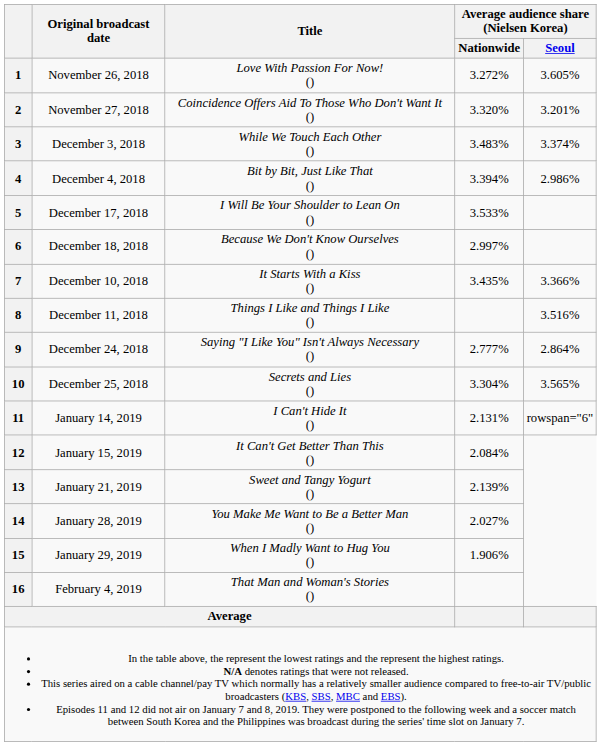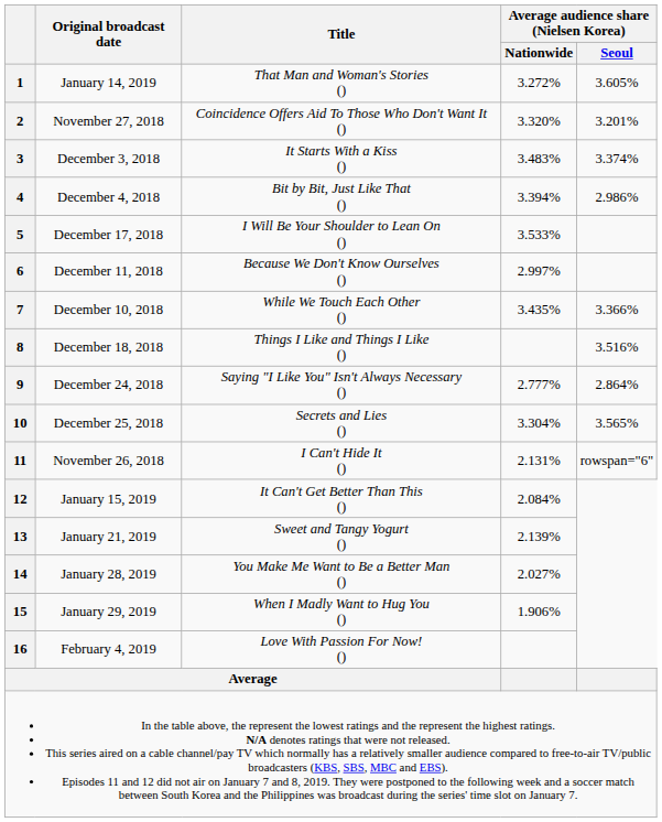 <table class="wikitable" style="text-align:center;max-width:750px; margin-left: auto; margin-right: auto; border: none;">
 <tr>
 </tr>
 <tr>
 <th rowspan="2"></th>
 <th rowspan="2">Original broadcast<br>date</th>
 <th rowspan="2">Title</th>
 <th colspan="2">Average audience share<br>(Nielsen Korea)</th>
 </tr>
 <tr>
 <th width="80">Nationwide</th>
 <th width="80"><a href='#'>Seoul</a></th>
 </tr>
 <tr>
 <th>1</th>
-<td>November 26, 2018</td>
-<td><em>Love With Passion For Now!</em><br>()</td>
+<td>January 14, 2019</td>
+<td><em>That Man and Woman's Stories</em><br>()</td>
 <td>3.272%</td>
 <td>3.605%</td>
 </tr>
 <tr>
 <th>2</th>
 <td>November 27, 2018</td>
 <td><em>Coincidence Offers Aid To Those Who Don't Want It</em><br>()</td>
 <td>3.320%</td>
 <td>3.201%</td>
 </tr>
 <tr>
 <th>3</th>
 <td>December 3, 2018</td>
-<td><em>While We Touch Each Other</em><br>()</td>
+<td><em>It Starts With a Kiss</em><br>()</td>
 <td>3.483%</td>
 <td>3.374%</td>
 </tr>
 <tr>
 <th>4</th>
 <td>December 4, 2018</td>
 <td><em>Bit by Bit, Just Like That</em><br>()</td>
 <td>3.394%</td>
 <td>2.986%</td>
 </tr>
 <tr>
 <th>5</th>
 <td>December 17, 2018</td>
 <td><em>I Will Be Your Shoulder to Lean On</em><br>()</td>
 <td>3.533%</td>
 <td></td>
 </tr>
 <tr>
 <th>6</th>
-<td>December 18, 2018</td>
+<td>December 11, 2018</td>
 <td><em>Because We Don't Know Ourselves</em><br>()</td>
 <td>2.997%</td>
 <td></td>
 </tr>
 <tr>
 <th>7</th>
 <td>December 10, 2018</td>
-<td><em>It Starts With a Kiss</em><br>()</td>
+<td><em>While We Touch Each Other</em><br>()</td>
 <td>3.435%</td>
 <td>3.366%</td>
 </tr>
 <tr>
 <th>8</th>
-<td>December 11, 2018</td>
+<td>December 18, 2018</td>
 <td><em>Things I Like and Things I Like</em><br>()</td>
 <td></td>
 <td>3.516%</td>
 </tr>
 <tr>
 <th>9</th>
 <td>December 24, 2018</td>
 <td><em>Saying "I Like You" Isn't Always Necessary</em><br>()</td>
 <td>2.777%</td>
 <td>2.864%</td>
 </tr>
 <tr>
 <th>10</th>
 <td>December 25, 2018</td>
 <td><em>Secrets and Lies</em><br>()</td>
 <td>3.304%</td>
 <td>3.565%</td>
 </tr>
 <tr>
 <th>11</th>
-<td>January 14, 2019</td>
+<td>November 26, 2018</td>
 <td><em>I Can't Hide It</em><br>()</td>
 <td>2.131%</td>
 <td>rowspan="6" </td>
 </tr>
 <tr>
 <th>12</th>
 <td>January 15, 2019</td>
 <td><em>It Can't Get Better Than This</em><br>()</td>
 <td>2.084%</td>
 </tr>
 <tr>
 <th>13</th>
 <td>January 21, 2019</td>
 <td><em>Sweet and Tangy Yogurt</em><br>()</td>
 <td>2.139%</td>
 </tr>
 <tr>
 <th>14</th>
 <td>January 28, 2019</td>
 <td><em>You Make Me Want to Be a Better Man</em><br>()</td>
 <td>2.027%</td>
 </tr>
 <tr>
 <th>15</th>
 <td>January 29, 2019</td>
 <td><em>When I Madly Want to Hug You</em><br>()</td>
 <td>1.906%</td>
 </tr>
 <tr>
 <th>16</th>
 <td>February 4, 2019</td>
-<td><em>That Man and Woman's Stories</em><br>()</td>
+<td><em>Love With Passion For Now!</em><br>()</td>
 <td></td>
 </tr>
 <tr>
 <th colspan="3">Average</th>
 <th></th>
 <th></th>
 </tr>
 <tr>
 <td colspan="5" style="font-size:85%"><br><ul><li>In the table above, the <strong></strong> represent the lowest ratings and the <strong></strong> represent the highest ratings.</li><li><strong>N/A</strong> denotes ratings that were not released.</li><li>This series aired on a cable channel/pay TV which normally has a relatively smaller audience compared to free-to-air TV/public broadcasters (<a href='#'>KBS</a>, <a href='#'>SBS</a>, <a href='#'>MBC</a> and <a href='#'>EBS</a>).</li><li>Episodes 11 and 12 did not air on January 7 and 8, 2019. They were postponed to the following week and a soccer match between South Korea and the Philippines was broadcast during the series' time slot on January 7.</li></ul></td>
 </tr>
 </table>
